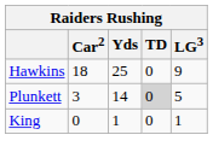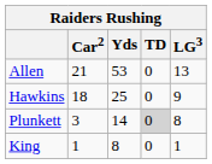 <table class="wikitable">
 <tr>
 <th colspan="5">Raiders Rushing</th>
 </tr>
 <tr>
 <th></th>
 <th>Car<sup>2</sup></th>
 <th>Yds</th>
 <th>TD</th>
 <th>LG<sup>3</sup></th>
+</tr>
+<tr>
+<td><a href='#'>Allen</a></td>
+<td>21</td>
+<td>53</td>
+<td>0</td>
+<td>13</td>
 </tr>
 <tr>
 <td><a href='#'>Hawkins</a></td>
 <td>18</td>
 <td>25</td>
 <td>0</td>
 <td>9</td>
 </tr>
 <tr>
 <td><a href='#'>Plunkett</a></td>
 <td>3</td>
 <td>14</td>
 <td style="background: lightgrey;">0</td>
-<td>5</td>
+<td>8</td>
 </tr>
 <tr>
 <td><a href='#'>King</a></td>
-<td>0</td>
 <td>1</td>
+<td>8</td>
 <td>0</td>
 <td>1</td>
 </tr>
 </table>
